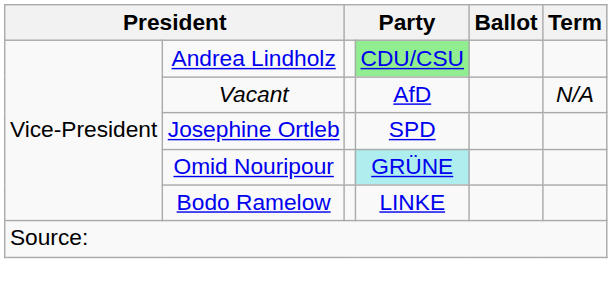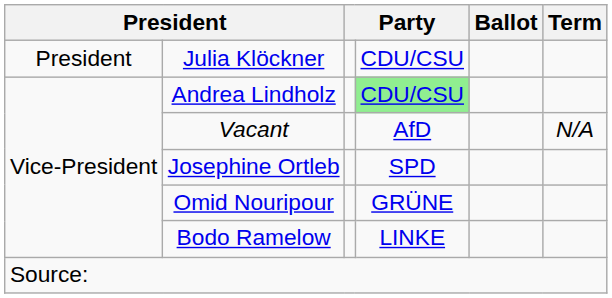 <table class=wikitable style="text-align:center">
 <tr>
 <th colspan=2>President</th>
 <th colspan=2>Party</th>
 <th>Ballot</th>
 <th>Term</th>
+</tr>
+<tr>
+<td>President</td>
+<td><a href='#'>Julia Klöckner</a></td>
+<td style="background:"></td>
+<td><a href='#'>CDU/CSU</a></td>
+<td></td>
+<td></td>
 </tr>
 <tr>
 <td rowspan=5>Vice-President</td>
 <td><a href='#'>Andrea Lindholz</a></td>
 <td style="background:"></td>
 <td style="background: lightgreen;"><a href='#'>CDU/CSU</a></td>
 <td></td>
 <td></td>
 </tr>
 <tr>
 <td><em>Vacant</em></td>
 <td style="background:"></td>
 <td><a href='#'>AfD</a></td>
 <td></td>
 <td><em>N/A</em></td>
 </tr>
 <tr>
 <td><a href='#'>Josephine Ortleb</a></td>
 <td style="background:"></td>
 <td><a href='#'>SPD</a></td>
 <td></td>
 <td></td>
 </tr>
 <tr>
 <td><a href='#'>Omid Nouripour</a></td>
 <td style="background:"></td>
-<td style="background: paleturquoise;"><a href='#'>GRÜNE</a></td>
+<td><a href='#'>GRÜNE</a></td>
 <td></td>
 <td></td>
 </tr>
 <tr>
 <td><a href='#'>Bodo Ramelow</a></td>
 <td style="background:"></td>
 <td><a href='#'>LINKE</a></td>
 <td></td>
 <td></td>
 </tr>
 <tr>
 <td align=left colspan=6>Source: </td>
 </tr>
 </table>
